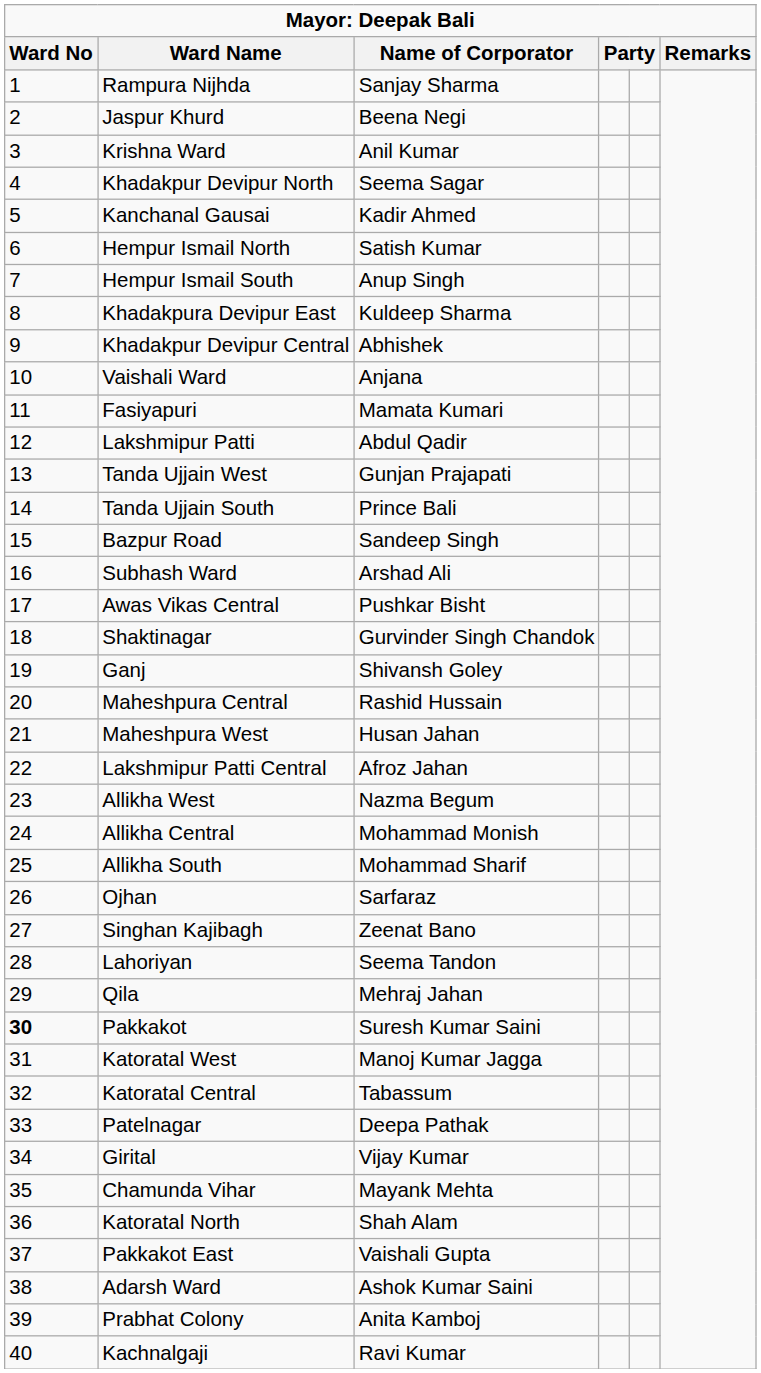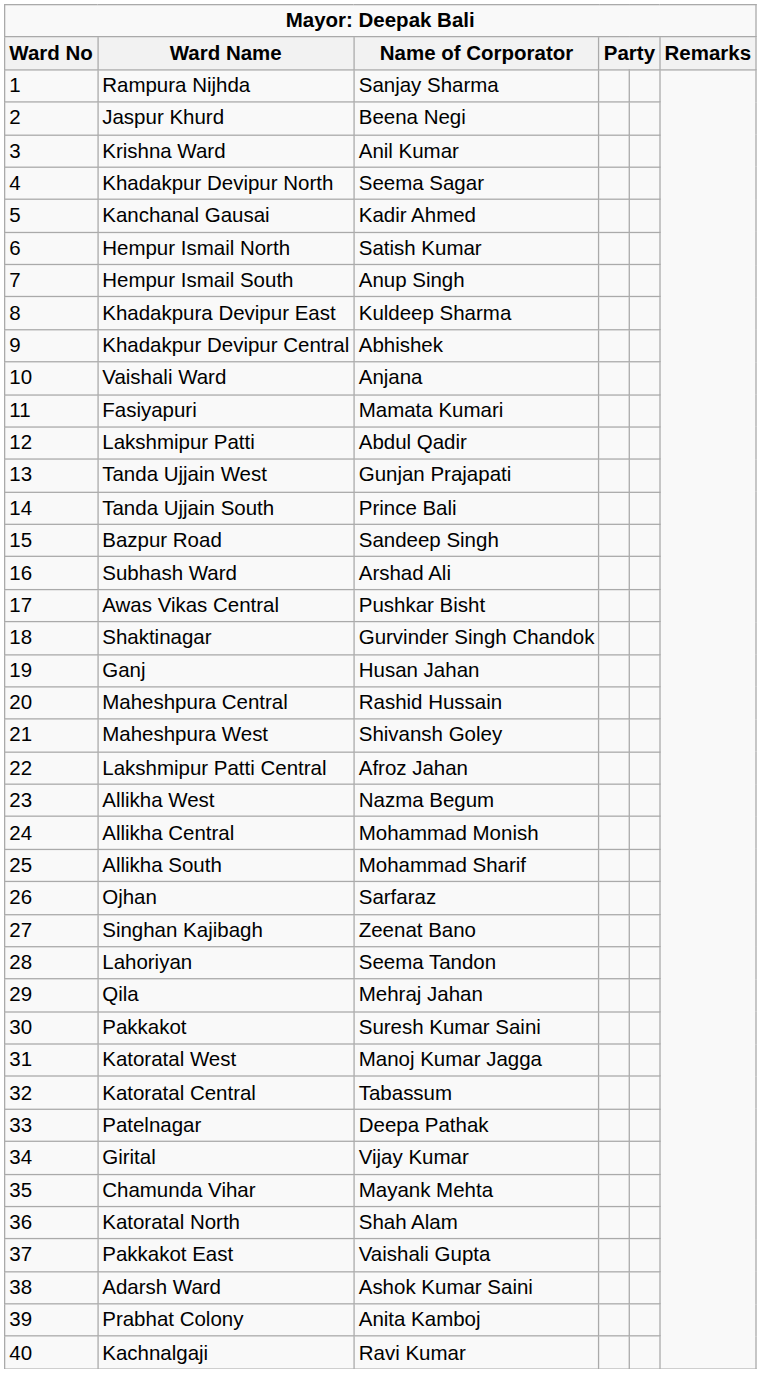 <table class="wikitable">
 <tr>
 <td colspan=6 align=center><span><strong>Mayor: Deepak Bali</strong></span></td>
 </tr>
 <tr>
 <th>Ward No</th>
 <th>Ward Name</th>
 <th>Name of Corporator</th>
 <th colspan="2">Party</th>
 <th>Remarks</th>
 </tr>
 <tr>
 <td>1</td>
 <td>Rampura Nijhda</td>
 <td>Sanjay Sharma</td>
 <td></td>
 <td></td>
 </tr>
 <tr>
 <td>2</td>
 <td>Jaspur Khurd</td>
 <td>Beena Negi</td>
 <td></td>
 <td></td>
 </tr>
 <tr>
 <td>3</td>
 <td>Krishna Ward</td>
 <td>Anil Kumar</td>
 <td></td>
 <td></td>
 </tr>
 <tr>
 <td>4</td>
 <td>Khadakpur Devipur North</td>
 <td>Seema Sagar</td>
 <td></td>
 <td></td>
 </tr>
 <tr>
 <td>5</td>
 <td>Kanchanal Gausai</td>
 <td>Kadir Ahmed</td>
 <td></td>
 <td></td>
 </tr>
 <tr>
 <td>6</td>
 <td>Hempur Ismail North</td>
 <td>Satish Kumar</td>
 <td></td>
 <td></td>
 </tr>
 <tr>
 <td>7</td>
 <td>Hempur Ismail South</td>
 <td>Anup Singh</td>
 <td></td>
 <td></td>
 </tr>
 <tr>
 <td>8</td>
 <td>Khadakpura Devipur East</td>
 <td>Kuldeep Sharma</td>
 <td></td>
 <td></td>
 </tr>
 <tr>
 <td>9</td>
 <td>Khadakpur Devipur Central</td>
 <td>Abhishek</td>
 <td></td>
 <td></td>
 </tr>
 <tr>
 <td>10</td>
 <td>Vaishali Ward</td>
 <td>Anjana</td>
 <td></td>
 <td></td>
 </tr>
 <tr>
 <td>11</td>
 <td>Fasiyapuri</td>
 <td>Mamata Kumari</td>
 <td></td>
 <td></td>
 </tr>
 <tr>
 <td>12</td>
 <td>Lakshmipur Patti</td>
 <td>Abdul Qadir</td>
 <td></td>
 <td></td>
 </tr>
 <tr>
 <td>13</td>
 <td>Tanda Ujjain West</td>
 <td>Gunjan Prajapati</td>
 <td></td>
 <td></td>
 </tr>
 <tr>
 <td>14</td>
 <td>Tanda Ujjain South</td>
 <td>Prince Bali</td>
 <td></td>
 <td></td>
 </tr>
 <tr>
 <td>15</td>
 <td>Bazpur Road</td>
 <td>Sandeep Singh</td>
 <td></td>
 <td></td>
 </tr>
 <tr>
 <td>16</td>
 <td>Subhash Ward</td>
 <td>Arshad Ali</td>
 <td></td>
 <td></td>
 </tr>
 <tr>
 <td>17</td>
 <td>Awas Vikas Central</td>
 <td>Pushkar Bisht</td>
 <td></td>
 <td></td>
 </tr>
 <tr>
 <td>18</td>
 <td>Shaktinagar</td>
 <td>Gurvinder Singh Chandok</td>
 <td></td>
 <td></td>
 </tr>
 <tr>
 <td>19</td>
 <td>Ganj</td>
-<td>Shivansh Goley</td>
+<td>Husan Jahan</td>
 <td></td>
 <td></td>
 </tr>
 <tr>
 <td>20</td>
 <td>Maheshpura Central</td>
 <td>Rashid Hussain</td>
 <td></td>
 <td></td>
 </tr>
 <tr>
 <td>21</td>
 <td>Maheshpura West</td>
-<td>Husan Jahan</td>
+<td>Shivansh Goley</td>
 <td></td>
 <td></td>
 </tr>
 <tr>
 <td>22</td>
 <td>Lakshmipur Patti Central</td>
 <td>Afroz Jahan</td>
 <td></td>
 <td></td>
 </tr>
 <tr>
 <td>23</td>
 <td>Allikha West</td>
 <td>Nazma Begum</td>
 <td></td>
 <td></td>
 </tr>
 <tr>
 <td>24</td>
 <td>Allikha Central</td>
 <td>Mohammad Monish</td>
 <td></td>
 <td></td>
 </tr>
 <tr>
 <td>25</td>
 <td>Allikha South</td>
 <td>Mohammad Sharif</td>
 <td></td>
 <td></td>
 </tr>
 <tr>
 <td>26</td>
 <td>Ojhan</td>
 <td>Sarfaraz</td>
 <td></td>
 <td></td>
 </tr>
 <tr>
 <td>27</td>
 <td>Singhan Kajibagh</td>
 <td>Zeenat Bano</td>
 <td></td>
 <td></td>
 </tr>
 <tr>
 <td>28</td>
 <td>Lahoriyan</td>
 <td>Seema Tandon</td>
 <td></td>
 <td></td>
 </tr>
 <tr>
 <td>29</td>
 <td>Qila</td>
 <td>Mehraj Jahan</td>
 <td></td>
 <td></td>
 </tr>
 <tr>
-<td><strong>30</strong></td>
+<td>30</td>
 <td>Pakkakot</td>
 <td>Suresh Kumar Saini</td>
 <td></td>
 <td></td>
 </tr>
 <tr>
 <td>31</td>
 <td>Katoratal West</td>
 <td>Manoj Kumar Jagga</td>
 <td></td>
 <td></td>
 </tr>
 <tr>
 <td>32</td>
 <td>Katoratal Central</td>
 <td>Tabassum</td>
 <td></td>
 <td></td>
 </tr>
 <tr>
 <td>33</td>
 <td>Patelnagar</td>
 <td>Deepa Pathak</td>
 <td></td>
 <td></td>
 </tr>
 <tr>
 <td>34</td>
 <td>Girital</td>
 <td>Vijay Kumar</td>
 <td></td>
 <td></td>
 </tr>
 <tr>
 <td>35</td>
 <td>Chamunda Vihar</td>
 <td>Mayank Mehta</td>
 <td></td>
 <td></td>
 </tr>
 <tr>
 <td>36</td>
 <td>Katoratal North</td>
 <td>Shah Alam</td>
 <td></td>
 <td></td>
 </tr>
 <tr>
 <td>37</td>
 <td>Pakkakot East</td>
 <td>Vaishali Gupta</td>
 <td></td>
 <td></td>
 </tr>
 <tr>
 <td>38</td>
 <td>Adarsh Ward</td>
 <td>Ashok Kumar Saini</td>
 <td></td>
 <td></td>
 </tr>
 <tr>
 <td>39</td>
 <td>Prabhat Colony</td>
 <td>Anita Kamboj</td>
 <td></td>
 <td></td>
 </tr>
 <tr>
 <td>40</td>
 <td>Kachnalgaji</td>
 <td>Ravi Kumar</td>
 <td></td>
 <td></td>
 </tr>
 </table>
